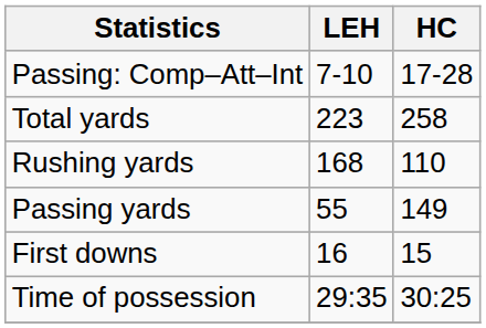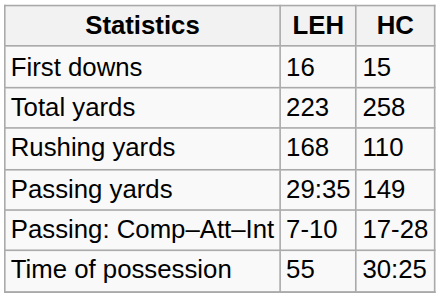 <table class="wikitable" style="float: left;">
 <tr>
 <th>Statistics</th>
 <th>LEH</th>
 <th>HC</th>
 </tr>
 <tr>
-<td>Passing: Comp–Att–Int</td>
-<td>7-10</td>
-<td>17-28</td>
+<td>First downs</td>
+<td>16</td>
+<td>15</td>
 </tr>
 <tr>
 <td>Total yards</td>
 <td>223</td>
 <td>258</td>
 </tr>
 <tr>
 <td>Rushing yards</td>
 <td>168</td>
 <td>110</td>
 </tr>
 <tr>
 <td>Passing yards</td>
-<td>55</td>
+<td>29:35</td>
 <td>149</td>
 </tr>
 <tr>
-<td>First downs</td>
-<td>16</td>
-<td>15</td>
+<td>Passing: Comp–Att–Int</td>
+<td>7-10</td>
+<td>17-28</td>
 </tr>
 <tr>
 <td>Time of possession</td>
-<td>29:35</td>
+<td>55</td>
 <td>30:25</td>
 </tr>
 <tr>
 </tr>
 </table>
